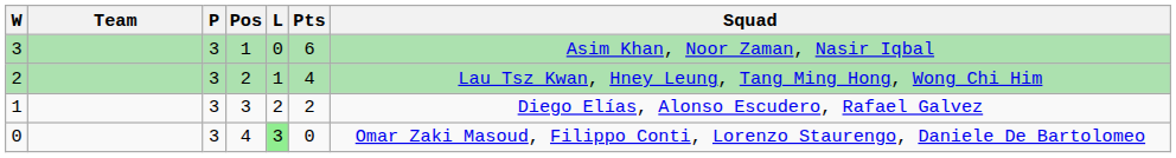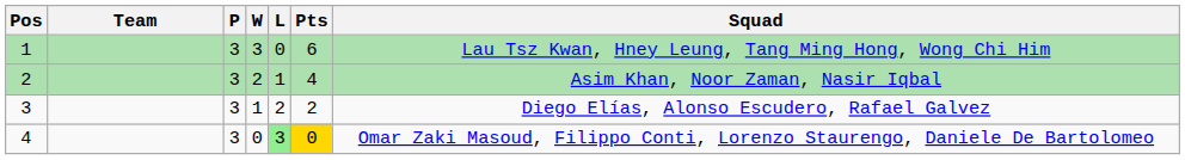 <table class="wikitable" style="font-size: 100%">
 <tr>
-<th width=10>W</th>
+<th width=20>Pos</th>
 <th width=120>Team</th>
 <th width=10>P</th>
-<th width=20>Pos</th>
+<th width=10>W</th>
 <th width=10>L</th>
 <th width=20>Pts</th>
 <th width=600>Squad</th>
 </tr>
 <tr align=center style="background:#ACE1AF;">
-<td>3</td>
+<td>1</td>
 <td align="left"></td>
 <td>3</td>
-<td>1</td>
+<td>3</td>
 <td>0</td>
 <td>6</td>
-<td><a href='#'>Asim Khan</a>, <a href='#'>Noor Zaman</a>, <a href='#'>Nasir Iqbal</a></td>
+<td><a href='#'>Lau Tsz Kwan</a>, <a href='#'>Hney Leung</a>, <a href='#'>Tang Ming Hong</a>, <a href='#'>Wong Chi Him</a></td>
 </tr>
 <tr align=center style="background:#ACE1AF;">
 <td>2</td>
 <td align="left"></td>
 <td>3</td>
 <td>2</td>
 <td>1</td>
 <td>4</td>
-<td><a href='#'>Lau Tsz Kwan</a>, <a href='#'>Hney Leung</a>, <a href='#'>Tang Ming Hong</a>, <a href='#'>Wong Chi Him</a></td>
+<td><a href='#'>Asim Khan</a>, <a href='#'>Noor Zaman</a>, <a href='#'>Nasir Iqbal</a></td>
 </tr>
 <tr align=center>
-<td>1</td>
+<td>3</td>
 <td align="left"></td>
 <td>3</td>
-<td>3</td>
+<td>1</td>
 <td>2</td>
 <td>2</td>
 <td><a href='#'>Diego Elías</a>, <a href='#'>Alonso Escudero</a>, <a href='#'>Rafael Galvez</a></td>
 </tr>
 <tr align=center>
-<td>0</td>
+<td>4</td>
 <td align="left"></td>
 <td>3</td>
-<td>4</td>
+<td>0</td>
 <td style="background: lightgreen;">3</td>
-<td>0</td>
+<td style="background: gold;">0</td>
 <td><a href='#'>Omar Zaki Masoud</a>, <a href='#'>Filippo Conti</a>, <a href='#'>Lorenzo Staurengo</a>, <a href='#'>Daniele De Bartolomeo</a></td>
 </tr>
 </table>
